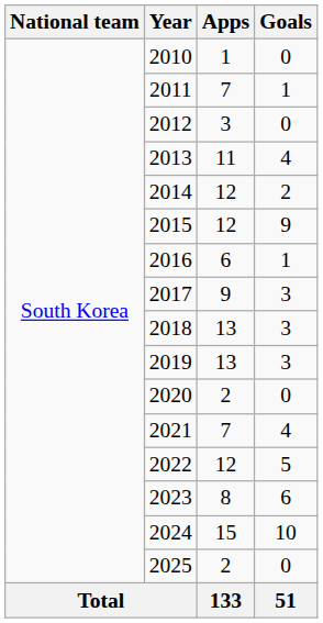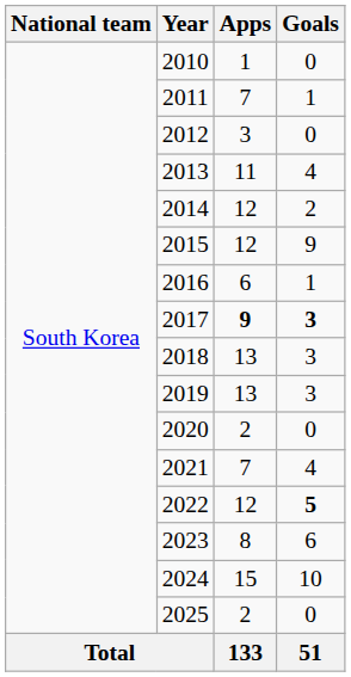 <table class=wikitable style=text-align:center>
 <tr>
 <th>National team</th>
 <th>Year</th>
 <th>Apps</th>
 <th>Goals</th>
 </tr>
 <tr>
 <td rowspan=16><a href='#'>South Korea</a></td>
 <td>2010</td>
 <td>1</td>
 <td>0</td>
 </tr>
 <tr>
 <td>2011</td>
 <td>7</td>
 <td>1</td>
 </tr>
 <tr>
 <td>2012</td>
 <td>3</td>
 <td>0</td>
 </tr>
 <tr>
 <td>2013</td>
 <td>11</td>
 <td>4</td>
 </tr>
 <tr>
 <td>2014</td>
 <td>12</td>
 <td>2</td>
 </tr>
 <tr>
 <td>2015</td>
 <td>12</td>
 <td>9</td>
 </tr>
 <tr>
 <td>2016</td>
 <td>6</td>
 <td>1</td>
 </tr>
 <tr>
 <td>2017</td>
-<td>9</td>
-<td>3</td>
+<td><strong>9</strong></td>
+<td><strong>3</strong></td>
 </tr>
 <tr>
 <td>2018</td>
 <td>13</td>
 <td>3</td>
 </tr>
 <tr>
 <td>2019</td>
 <td>13</td>
 <td>3</td>
 </tr>
 <tr>
 <td>2020</td>
 <td>2</td>
 <td>0</td>
 </tr>
 <tr>
 <td>2021</td>
 <td>7</td>
 <td>4</td>
 </tr>
 <tr>
 <td>2022</td>
 <td>12</td>
-<td>5</td>
+<td><strong>5</strong></td>
 </tr>
 <tr>
 <td>2023</td>
 <td>8</td>
 <td>6</td>
 </tr>
 <tr>
 <td>2024</td>
 <td>15</td>
 <td>10</td>
 </tr>
 <tr>
 <td>2025</td>
 <td>2</td>
 <td>0</td>
 </tr>
 <tr>
 <th colspan=2>Total</th>
 <th>133</th>
 <th>51</th>
 </tr>
 </table>
